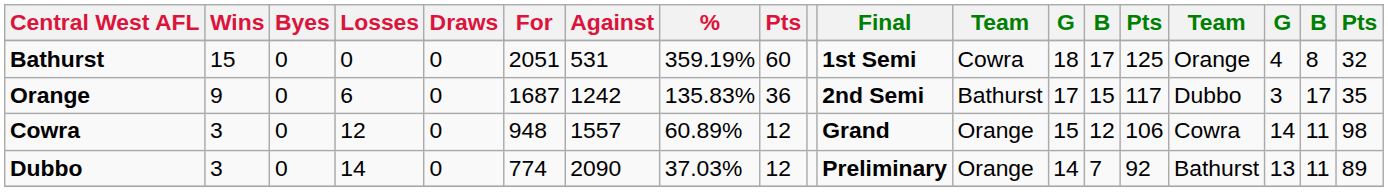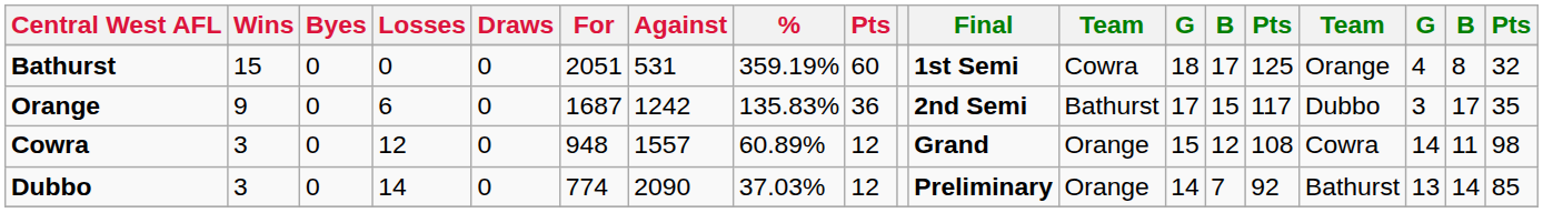 <table class="wikitable">
 <tr>
 <th style="color:crimson">Central West AFL</th>
 <th style="color:crimson">Wins</th>
 <th style="color:crimson">Byes</th>
 <th style="color:crimson">Losses</th>
 <th style="color:crimson">Draws</th>
 <th style="color:crimson">For</th>
 <th style="color:crimson">Against</th>
 <th style="color:crimson">%</th>
 <th style="color:crimson">Pts</th>
 <th></th>
 <th style="color:green">Final</th>
 <th style="color:green">Team</th>
 <th style="color:green">G</th>
 <th style="color:green">B</th>
 <th style="color:green">Pts</th>
 <th style="color:green">Team</th>
 <th style="color:green">G</th>
 <th style="color:green">B</th>
 <th style="color:green">Pts</th>
 </tr>
 <tr>
 </tr>
 <tr>
 </tr>
 <tr>
 <td><strong>	Bathurst	</strong></td>
 <td>15</td>
 <td>0</td>
 <td>0</td>
 <td>0</td>
 <td>2051</td>
 <td>531</td>
 <td>359.19%</td>
 <td>60</td>
 <td></td>
 <td><strong>1st Semi</strong></td>
 <td>Cowra</td>
 <td>18</td>
 <td>17</td>
 <td>125</td>
 <td>Orange</td>
 <td>4</td>
 <td>8</td>
 <td>32</td>
 </tr>
 <tr>
 <td><strong>	Orange	</strong></td>
 <td>9</td>
 <td>0</td>
 <td>6</td>
 <td>0</td>
 <td>1687</td>
 <td>1242</td>
 <td>135.83%</td>
 <td>36</td>
 <td></td>
 <td><strong>2nd Semi</strong></td>
 <td>Bathurst</td>
 <td>17</td>
 <td>15</td>
 <td>117</td>
 <td>Dubbo</td>
 <td>3</td>
 <td>17</td>
 <td>35</td>
 </tr>
 <tr>
 <td><strong>	Cowra	</strong></td>
 <td>3</td>
 <td>0</td>
 <td>12</td>
 <td>0</td>
 <td>948</td>
 <td>1557</td>
 <td>60.89%</td>
 <td>12</td>
 <td></td>
 <td><strong>Grand</strong></td>
 <td>Orange</td>
 <td>15</td>
 <td>12</td>
-<td>106</td>
+<td>108</td>
 <td>Cowra</td>
 <td>14</td>
 <td>11</td>
 <td>98</td>
 </tr>
 <tr>
 <td><strong>	Dubbo	</strong></td>
 <td>3</td>
 <td>0</td>
 <td>14</td>
 <td>0</td>
 <td>774</td>
 <td>2090</td>
 <td>37.03%</td>
 <td>12</td>
 <td></td>
 <td><strong>Preliminary</strong></td>
 <td>Orange</td>
 <td>14</td>
 <td>7</td>
 <td>92</td>
 <td>Bathurst</td>
 <td>13</td>
-<td>11</td>
-<td>89</td>
+<td>14</td>
+<td>85</td>
 </tr>
 <tr>
 </tr>
 </table>
